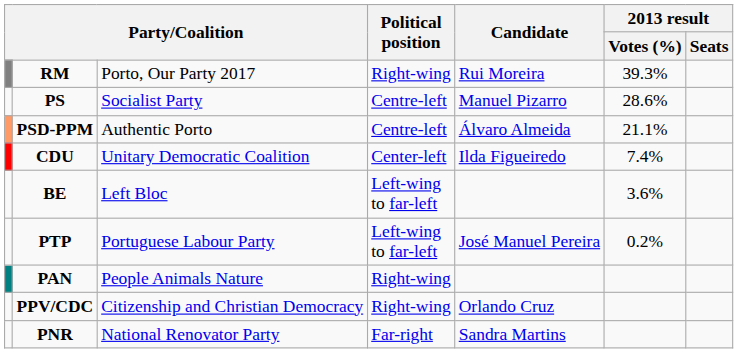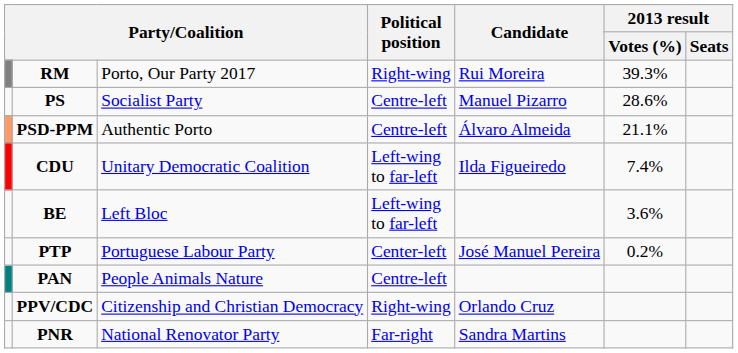 <table class="wikitable">
 <tr>
 <th rowspan="2" colspan="3">Party/Coalition</th>
 <th rowspan="2">Political<br>position</th>
 <th rowspan="2">Candidate</th>
 <th colspan="2">2013 result</th>
 </tr>
 <tr>
 <th>Votes (%)</th>
 <th>Seats</th>
 </tr>
 <tr>
 <td style="background:gray;"></td>
 <td style="text-align:center;"><strong>RM</strong></td>
 <td>Porto, Our Party 2017<br></td>
 <td><a href='#'>Right-wing</a></td>
 <td><a href='#'>Rui Moreira</a></td>
 <td style="text-align:center;">39.3%</td>
 <td></td>
 </tr>
 <tr>
 <td style="color:inherit;background:"></td>
 <td style="text-align:center;"><strong>PS</strong></td>
 <td><a href='#'>Socialist Party</a><br></td>
 <td><a href='#'>Centre-left</a></td>
 <td><a href='#'>Manuel Pizarro</a></td>
 <td style="text-align:center;">28.6%</td>
 <td></td>
 </tr>
 <tr>
 <td style="color:inherit;background:#FF9966;"></td>
 <td style="text-align:center;"><strong>PSD-PPM</strong></td>
 <td>Authentic Porto<br> </td>
 <td><a href='#'>Centre-left</a></td>
 <td><a href='#'>Álvaro Almeida</a></td>
 <td style="text-align:center;">21.1%</td>
 <td></td>
 </tr>
 <tr>
 <td style="background:#f00;"></td>
 <td style="text-align:center;"><strong>CDU</strong></td>
 <td><a href='#'>Unitary Democratic Coalition</a><br> </td>
-<td><a href='#'>Center-left</a></td>
+<td><a href='#'>Left-wing</a><br>to <a href='#'>far-left</a></td>
 <td><a href='#'>Ilda Figueiredo</a></td>
 <td style="text-align:center;">7.4%</td>
 <td></td>
 </tr>
 <tr>
 <td style="color:inherit;background:"></td>
 <td style="text-align:center;"><strong>BE</strong></td>
 <td><a href='#'>Left Bloc</a><br></td>
 <td><a href='#'>Left-wing</a><br>to <a href='#'>far-left</a></td>
 <td></td>
 <td style="text-align:center;">3.6%</td>
 <td></td>
 </tr>
 <tr>
 <td style="color:inherit;background:"></td>
 <td style="text-align:center;"><strong>PTP</strong></td>
 <td><a href='#'>Portuguese Labour Party</a><br></td>
-<td><a href='#'>Left-wing</a><br>to <a href='#'>far-left</a></td>
+<td><a href='#'>Center-left</a></td>
 <td><a href='#'>José Manuel Pereira</a></td>
 <td style="text-align:center;">0.2%</td>
 <td></td>
 </tr>
 <tr>
 <td style="background:teal;"></td>
 <td style="text-align:center;"><strong>PAN</strong></td>
 <td><a href='#'>People Animals Nature</a><br></td>
-<td><a href='#'>Right-wing</a></td>
+<td><a href='#'>Centre-left</a></td>
 <td></td>
 <td></td>
 <td></td>
 </tr>
 <tr>
 <td style="color:inherit;background:"></td>
 <td style="text-align:center;"><strong>PPV/CDC</strong></td>
 <td><a href='#'>Citizenship and Christian Democracy</a><br></td>
 <td><a href='#'>Right-wing</a></td>
 <td><a href='#'>Orlando Cruz</a></td>
 <td></td>
 <td></td>
 </tr>
 <tr>
 <td style="color:inherit;background:"></td>
 <td style="text-align:center;"><strong>PNR</strong></td>
 <td><a href='#'>National Renovator Party</a><br></td>
 <td><a href='#'>Far-right</a></td>
 <td><a href='#'>Sandra Martins</a></td>
 <td></td>
 <td></td>
 </tr>
 </table>
